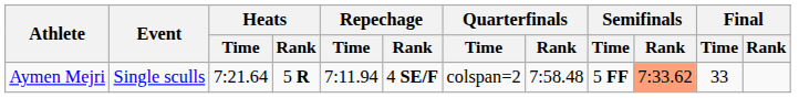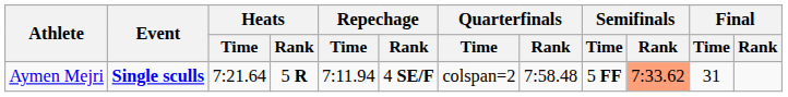 <table class="wikitable" style="font-size:90%">
 <tr>
 <th rowspan="2">Athlete</th>
 <th rowspan="2">Event</th>
 <th colspan="2">Heats</th>
 <th colspan="2">Repechage</th>
 <th colspan="2">Quarterfinals</th>
 <th colspan="2">Semifinals</th>
 <th colspan="2">Final</th>
 </tr>
 <tr style="font-size:95%">
 <th>Time</th>
 <th>Rank</th>
 <th>Time</th>
 <th>Rank</th>
 <th>Time</th>
 <th>Rank</th>
 <th>Time</th>
 <th>Rank</th>
 <th>Time</th>
 <th>Rank</th>
 </tr>
 <tr align=center>
 <td align=left><a href='#'>Aymen Mejri</a></td>
-<td align=left><a href='#'>Single sculls</a></td>
+<td align=left><strong><a href='#'>Single sculls</a></strong></td>
 <td>7:21.64</td>
 <td>5 <strong>R</strong></td>
 <td>7:11.94</td>
 <td>4 <strong>SE/F</strong></td>
 <td>colspan=2 </td>
 <td>7:58.48</td>
 <td>5 <strong>FF</strong></td>
 <td style="background: lightsalmon;">7:33.62</td>
-<td>33</td>
+<td>31</td>
 </tr>
 </table>
